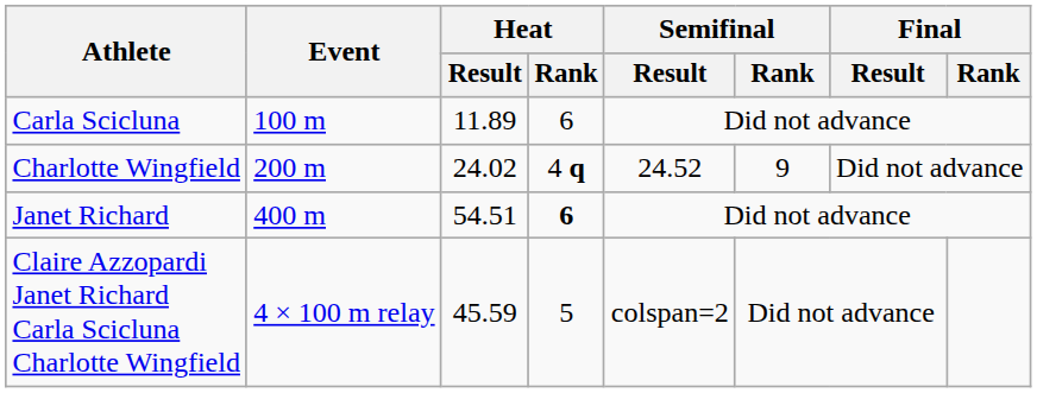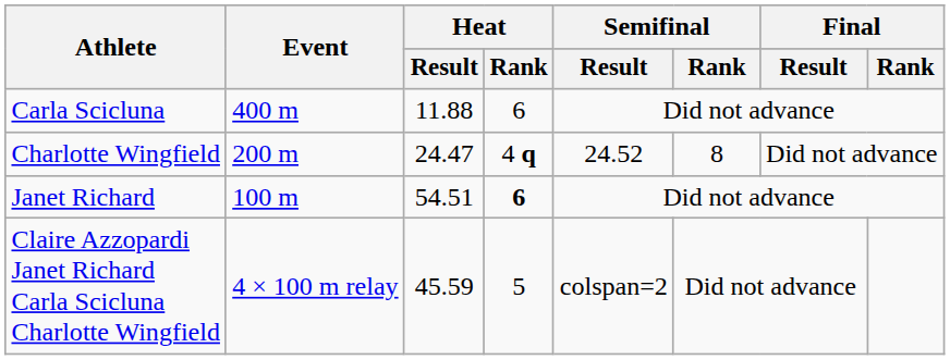 <table class="wikitable" style="font-size:90%; text-align:center">
 <tr>
 <th rowspan=2>Athlete</th>
 <th rowspan=2>Event</th>
 <th colspan=2>Heat</th>
 <th colspan=2>Semifinal</th>
 <th colspan=2>Final</th>
 </tr>
 <tr style="font-size:95%">
 <th>Result</th>
 <th>Rank</th>
 <th>Result</th>
 <th>Rank</th>
 <th>Result</th>
 <th>Rank</th>
 </tr>
 <tr>
 <td align=left><a href='#'>Carla Scicluna</a></td>
-<td align=left rowspan=1><a href='#'>100 m</a></td>
-<td>11.89</td>
+<td align=left rowspan=1><a href='#'>400 m</a></td>
+<td>11.88</td>
 <td>6</td>
 <td colspan=4>Did not advance</td>
 </tr>
 <tr>
 <td align=left><a href='#'>Charlotte Wingfield</a></td>
 <td align=left rowspan=1><a href='#'>200 m</a></td>
-<td>24.02</td>
+<td>24.47</td>
 <td>4 <strong>q</strong></td>
 <td>24.52</td>
-<td>9</td>
+<td>8</td>
 <td colspan=2>Did not advance</td>
 </tr>
 <tr>
 <td align=left><a href='#'>Janet Richard</a></td>
-<td align=left rowspan=1><a href='#'>400 m</a></td>
+<td align=left rowspan=1><a href='#'>100 m</a></td>
 <td>54.51</td>
 <td><strong>6</strong></td>
 <td colspan=4>Did not advance</td>
 </tr>
 <tr>
 <td align=left><a href='#'>Claire Azzopardi</a><br><a href='#'>Janet Richard</a><br><a href='#'>Carla Scicluna</a><br><a href='#'>Charlotte Wingfield</a></td>
 <td align=left><a href='#'>4 × 100 m relay</a></td>
 <td>45.59</td>
 <td>5</td>
 <td>colspan=2 </td>
 <td colspan=2>Did not advance</td>
 </tr>
 </table>
